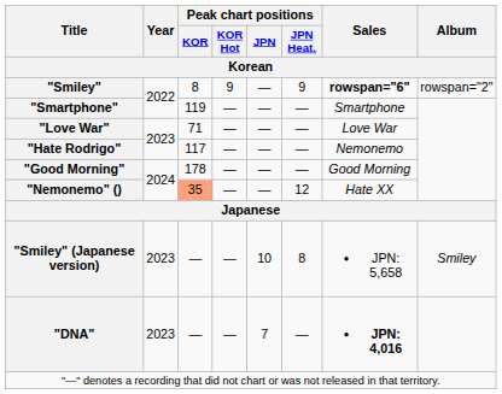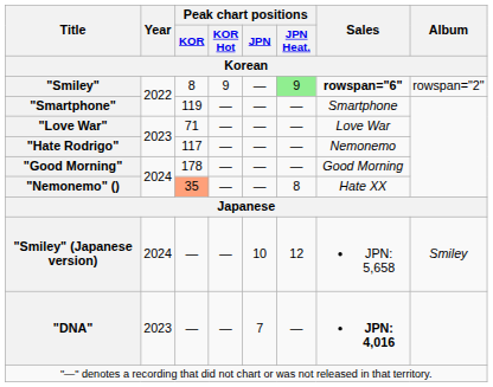 <table class="wikitable plainrowheaders" style="text-align:center">
 <tr>
 <th scope="col" rowspan="2">Title</th>
 <th scope="col" rowspan="2">Year</th>
 <th scope="col" colspan="4">Peak chart positions</th>
 <th scope="col" rowspan="2">Sales</th>
 <th scope="col" rowspan="2">Album</th>
 </tr>
 <tr>
 <th scope="col" style="font-size:90%; width:2.5em"><a href='#'>KOR</a><br></th>
 <th scope="col" style="font-size:90%; width:2.5em"><a href='#'>KOR<br>Hot</a><br></th>
 <th scope="col" style="font-size:90%; width:2.5em"><a href='#'>JPN</a><br></th>
 <th scope="col" style="font-size:90%; width:3em"><a href='#'>JPN<br>Heat.</a><br></th>
 </tr>
 <tr>
 <th colspan="8">Korean</th>
 </tr>
 <tr>
 <th scope="row">"Smiley"<br></th>
 <td rowspan="2">2022</td>
 <td>8</td>
 <td>9</td>
 <td>—</td>
-<td>9</td>
+<td style="background: lightgreen;">9</td>
 <td><strong>rowspan="6" </strong></td>
 <td>rowspan="2" </td>
 </tr>
 <tr>
 <th scope="row">"Smartphone"</th>
 <td>119</td>
 <td>—</td>
 <td>—</td>
 <td>—</td>
 <td><em>Smartphone</em></td>
 </tr>
 <tr>
 <th scope="row">"Love War"<br></th>
 <td rowspan="2">2023</td>
 <td>71</td>
 <td>—</td>
 <td>—</td>
 <td>—</td>
 <td><em>Love War</em></td>
 </tr>
 <tr>
 <th scope="row">"Hate Rodrigo"<br></th>
 <td>117</td>
 <td>—</td>
 <td>—</td>
 <td>—</td>
 <td><em>Nemonemo</em></td>
 </tr>
 <tr>
 <th scope="row">"Good Morning"</th>
 <td rowspan="2">2024</td>
 <td>178</td>
 <td>—</td>
 <td>—</td>
 <td>—</td>
 <td><em>Good Morning</em></td>
 </tr>
 <tr>
 <th scope="row">"Nemonemo" ()</th>
 <td style="background: lightsalmon;">35</td>
 <td>—</td>
 <td>—</td>
-<td>12</td>
+<td>8</td>
 <td><em>Hate XX</em></td>
 </tr>
 <tr>
 <th colspan="8">Japanese</th>
 </tr>
 <tr>
 <th scope="row">"Smiley" (Japanese version)<br></th>
-<td>2023</td>
+<td>2024</td>
 <td>—</td>
 <td>—</td>
 <td>10</td>
-<td>8</td>
+<td>12</td>
 <td><br><ul><li>JPN: 5,658 </li></ul></td>
 <td><em>Smiley</em></td>
 </tr>
 <tr>
 <th scope="row">"DNA"</th>
 <td>2023</td>
 <td>—</td>
 <td>—</td>
 <td>7</td>
 <td>—</td>
 <td><strong><br><ul><li>JPN: 4,016 </li></ul></strong></td>
 </tr>
 <tr>
 <td colspan="8" style="font-size:85%">"—" denotes a recording that did not chart or was not released in that territory.</td>
 </tr>
 </table>
